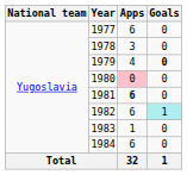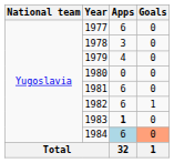 <table class="wikitable" style="text-align:center">
 <tr>
 <th>National team</th>
 <th>Year</th>
 <th>Apps</th>
 <th>Goals</th>
 </tr>
 <tr>
 <td rowspan="8"><a href='#'>Yugoslavia</a></td>
 <td>1977</td>
 <td>6</td>
 <td>0</td>
 </tr>
 <tr>
 <td>1978</td>
 <td>3</td>
 <td>0</td>
 </tr>
 <tr>
 <td>1979</td>
 <td>4</td>
-<td><strong>0</strong></td>
+<td>0</td>
 </tr>
 <tr>
 <td>1980</td>
-<td style="background: pink;">0</td>
+<td>0</td>
 <td>0</td>
 </tr>
 <tr>
 <td>1981</td>
-<td><strong>6</strong></td>
+<td>6</td>
 <td>0</td>
 </tr>
 <tr>
 <td>1982</td>
 <td>6</td>
-<td style="background: paleturquoise;">1</td>
+<td>1</td>
 </tr>
 <tr>
 <td>1983</td>
-<td>1</td>
+<td><strong>1</strong></td>
 <td>0</td>
 </tr>
 <tr>
 <td>1984</td>
-<td>6</td>
-<td>0</td>
+<td style="background: lightblue;">6</td>
+<td style="background: lightsalmon;">0</td>
 </tr>
 <tr>
 <th colspan="2">Total</th>
 <th>32</th>
 <th>1</th>
 </tr>
 </table>
